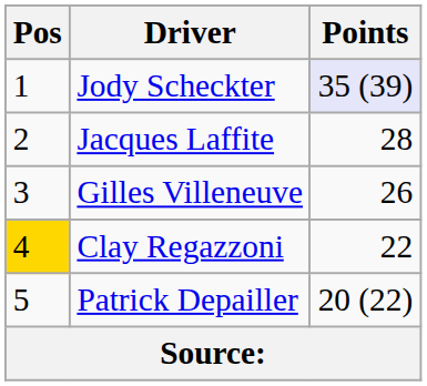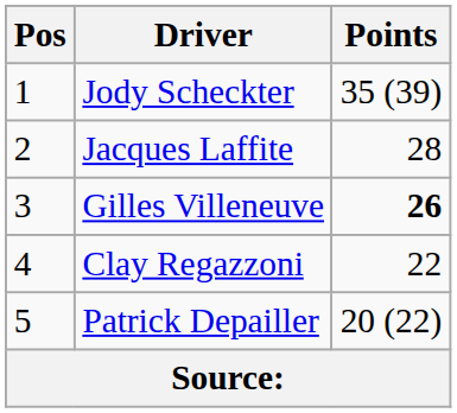 <table class="wikitable" style="font-size: 95%;">
 <tr>
 <th>Pos</th>
 <th>Driver</th>
 <th>Points</th>
 </tr>
 <tr>
 <td>1</td>
 <td> <a href='#'>Jody Scheckter</a></td>
-<td align="right" style="background: lavender;">35 (39)</td>
+<td align="right">35 (39)</td>
 </tr>
 <tr>
 <td>2</td>
 <td> <a href='#'>Jacques Laffite</a></td>
 <td align="right">28</td>
 </tr>
 <tr>
 <td>3</td>
 <td> <a href='#'>Gilles Villeneuve</a></td>
-<td align="right">26</td>
+<td align="right"><strong>26</strong></td>
 </tr>
 <tr>
-<td style="background: gold;">4</td>
+<td>4</td>
 <td> <a href='#'>Clay Regazzoni</a></td>
 <td align="right">22</td>
 </tr>
 <tr>
 <td>5</td>
 <td> <a href='#'>Patrick Depailler</a></td>
 <td align="right">20 (22)</td>
 </tr>
 <tr>
 <th colspan=4>Source: </th>
 </tr>
 </table>
